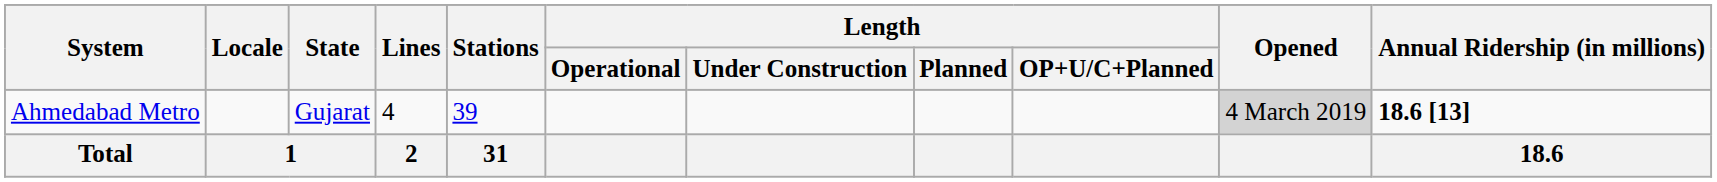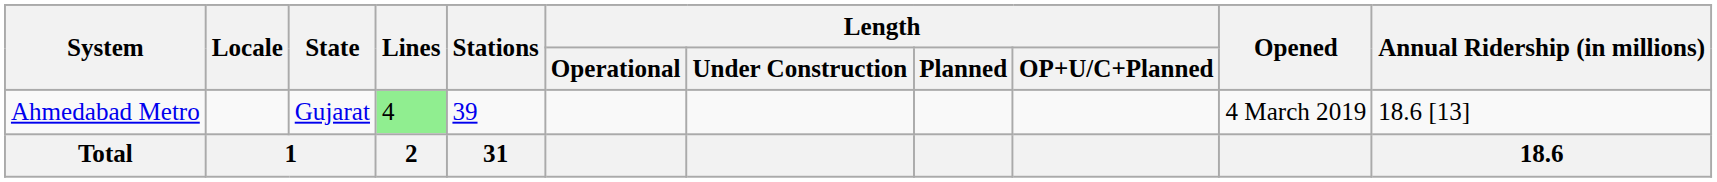 <table class = "wikitable sortable" style="font-size:small">
 <tr>
 <th rowspan="2">System</th>
 <th rowspan="2">Locale</th>
 <th rowspan="2">State</th>
 <th rowspan="2">Lines</th>
 <th rowspan="2">Stations</th>
 <th colspan="4">Length</th>
 <th rowspan="2">Opened</th>
 <th rowspan="2">Annual Ridership (in millions)</th>
 </tr>
 <tr>
 <th>Operational</th>
 <th>Under Construction</th>
 <th>Planned</th>
 <th>OP+U/C+Planned</th>
 </tr>
 <tr>
 <td><a href='#'>Ahmedabad Metro</a></td>
 <td></td>
 <td><a href='#'>Gujarat</a></td>
-<td>4</td>
+<td style="background: lightgreen;">4</td>
 <td><a href='#'>39</a></td>
 <td></td>
 <td></td>
 <td></td>
 <td></td>
-<td style="background: lightgrey;">4 March 2019</td>
-<td><strong>18.6 [13]</strong></td>
+<td>4 March 2019</td>
+<td>18.6 [13]</td>
 </tr>
 <tr>
 <th>Total</th>
 <th colspan="2">1</th>
 <th>2</th>
 <th>31</th>
 <th></th>
 <th></th>
 <th></th>
 <th></th>
 <th colspan="1"></th>
 <th>18.6</th>
 </tr>
 </table>
